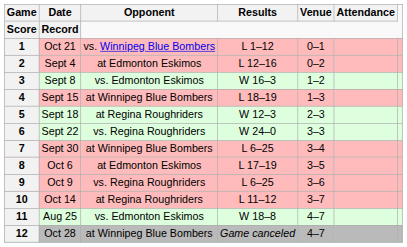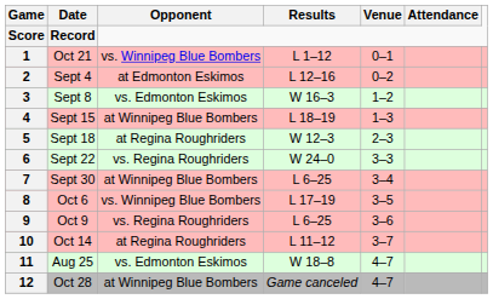 <table class="wikitable" style="text-align:center">
 <tr>
 <th>Game</th>
 <th>Date</th>
 <th>Opponent</th>
 <th>Results</th>
 <th>Venue</th>
 <th>Attendance</th>
 </tr>
 <tr>
 <th>Score</th>
 <th>Record</th>
 </tr>
 <tr style="background:#ffbbbb">
 <th>1</th>
 <td>Oct 21</td>
 <td>vs. <a href='#'>Winnipeg Blue Bombers</a></td>
 <td>L 1–12</td>
 <td>0–1</td>
 <td></td>
 <td></td>
 </tr>
 <tr style="background:#ffbbbb">
 <th>2</th>
 <td>Sept 4</td>
 <td>at Edmonton Eskimos</td>
 <td>L 12–16</td>
 <td>0–2</td>
 <td></td>
 <td></td>
 </tr>
 <tr style="background:#ddffdd">
 <th>3</th>
 <td>Sept 8</td>
 <td>vs. Edmonton Eskimos</td>
 <td>W 16–3</td>
 <td>1–2</td>
 <td></td>
 <td></td>
 </tr>
 <tr style="background:#ffbbbb">
 <th>4</th>
 <td>Sept 15</td>
 <td>at Winnipeg Blue Bombers</td>
 <td>L 18–19</td>
 <td>1–3</td>
 <td></td>
 <td></td>
 </tr>
 <tr style="background:#ddffdd">
 <th>5</th>
 <td>Sept 18</td>
 <td>at Regina Roughriders</td>
 <td>W 12–3</td>
 <td>2–3</td>
 <td></td>
 <td></td>
 </tr>
 <tr style="background:#ddffdd">
 <th>6</th>
 <td>Sept 22</td>
 <td>vs. Regina Roughriders</td>
 <td>W 24–0</td>
 <td>3–3</td>
 <td></td>
 <td></td>
 </tr>
 <tr style="background:#ffbbbb">
 <th>7</th>
 <td>Sept 30</td>
 <td>at Winnipeg Blue Bombers</td>
 <td>L 6–25</td>
 <td>3–4</td>
 <td></td>
 <td></td>
 </tr>
 <tr style="background:#ffbbbb">
 <th>8</th>
 <td>Oct 6</td>
-<td>at Edmonton Eskimos</td>
+<td>vs. Winnipeg Blue Bombers</td>
 <td>L 17–19</td>
 <td>3–5</td>
 <td></td>
 <td></td>
 </tr>
 <tr style="background:#ffbbbb">
 <th>9</th>
 <td>Oct 9</td>
 <td>vs. Regina Roughriders</td>
 <td>L 6–25</td>
 <td>3–6</td>
 <td></td>
 <td></td>
 </tr>
 <tr style="background:#ffbbbb">
 <th>10</th>
 <td>Oct 14</td>
 <td>at Regina Roughriders</td>
 <td>L 11–12</td>
 <td>3–7</td>
 <td></td>
 <td></td>
 </tr>
 <tr style="background:#ddffdd">
 <th>11</th>
 <td>Aug 25</td>
 <td>vs. Edmonton Eskimos</td>
 <td>W 18–8</td>
 <td>4–7</td>
 <td></td>
 <td></td>
 </tr>
 <tr style="background:#bababa">
 <th>12</th>
 <td>Oct 28</td>
 <td>at Winnipeg Blue Bombers</td>
 <td><em>Game canceled</em></td>
 <td>4–7</td>
 <td></td>
 <td></td>
 </tr>
 </table>
